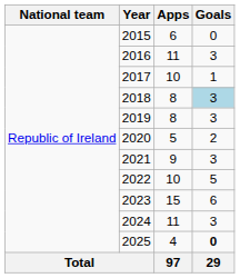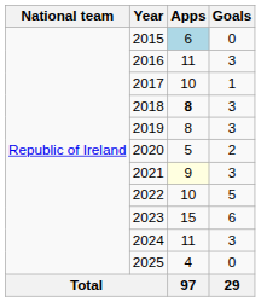 <table class="wikitable" style="text-align:center">
 <tr>
 <th scope="col">National team</th>
 <th scope="col">Year</th>
 <th scope="col">Apps</th>
 <th scope="col">Goals</th>
 </tr>
 <tr>
 <td rowspan="11"><a href='#'>Republic of Ireland</a></td>
 <td>2015</td>
-<td>6</td>
+<td style="background: lightblue;">6</td>
 <td>0</td>
 </tr>
 <tr>
 <td>2016</td>
 <td>11</td>
 <td>3</td>
 </tr>
 <tr>
 <td>2017</td>
 <td>10</td>
 <td>1</td>
 </tr>
 <tr>
 <td>2018</td>
-<td>8</td>
-<td style="background: lightblue;">3</td>
+<td><strong>8</strong></td>
+<td>3</td>
 </tr>
 <tr>
 <td>2019</td>
 <td>8</td>
 <td>3</td>
 </tr>
 <tr>
 <td>2020</td>
 <td>5</td>
 <td>2</td>
 </tr>
 <tr>
 <td>2021</td>
-<td>9</td>
+<td style="background: lightyellow;">9</td>
 <td>3</td>
 </tr>
 <tr>
 <td>2022</td>
 <td>10</td>
 <td>5</td>
 </tr>
 <tr>
 <td>2023</td>
 <td>15</td>
 <td>6</td>
 </tr>
 <tr>
 <td>2024</td>
 <td>11</td>
 <td>3</td>
 </tr>
 <tr>
 <td>2025</td>
 <td>4</td>
-<td><strong>0</strong></td>
+<td>0</td>
 </tr>
 <tr>
 <th colspan="2">Total</th>
 <th>97</th>
 <th>29</th>
 </tr>
 </table>
